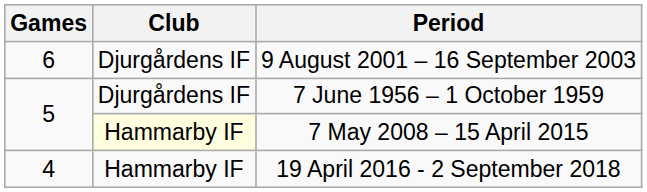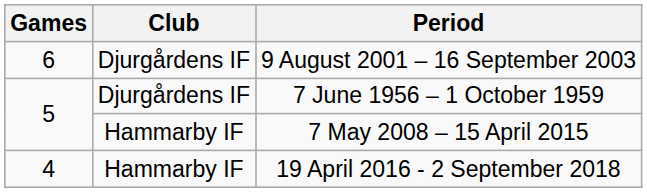 <table class="wikitable" style="font-size:90%; text-align: center">
 <tr>
 <th>Games</th>
 <th>Club</th>
 <th>Period</th>
 </tr>
 <tr>
 <td rowspan=1>6</td>
 <td>Djurgårdens IF</td>
 <td>9 August 2001 – 16 September 2003</td>
 </tr>
 <tr>
 <td rowspan=2>5</td>
 <td>Djurgårdens IF</td>
 <td>7 June 1956 – 1 October 1959</td>
 </tr>
 <tr>
-<td style="background: lightyellow;">Hammarby IF</td>
+<td>Hammarby IF</td>
 <td>7 May 2008 – 15 April 2015</td>
 </tr>
 <tr>
 <td>4</td>
 <td>Hammarby IF</td>
 <td>19 April 2016 - 2 September 2018</td>
 </tr>
 </table>
